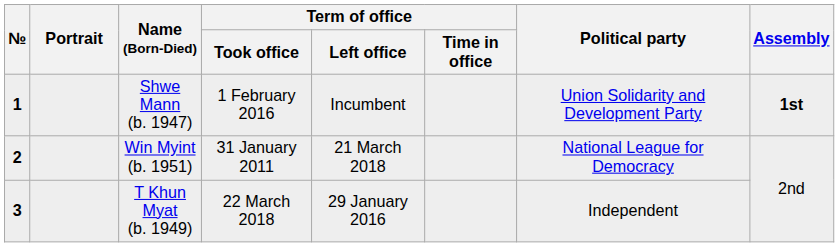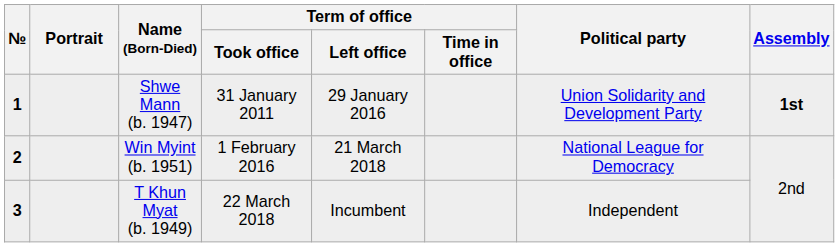 <table class="wikitable" style="text-align:center; width:65%; border:1px #AAAAFF solid">
 <tr>
 <th rowspan=2>№</th>
 <th width=80 rowspan=2>Portrait</th>
 <th rowspan=2>Name<br><small>(Born-Died)</small></th>
 <th colspan=3>Term of office</th>
 <th rowspan=2>Political party</th>
 <th rowspan=2><a href='#'>Assembly</a></th>
 </tr>
 <tr>
 <th>Took office</th>
 <th>Left office</th>
 <th>Time in office</th>
 </tr>
 <tr style="background:#EEEEEE">
 <td style="background:"><strong>1</strong></td>
 <td></td>
 <td><a href='#'>Shwe Mann</a> <br> (b. 1947)</td>
-<td>1 February 2016</td>
-<td>Incumbent</td>
+<td>31 January 2011</td>
+<td>29 January 2016</td>
 <td></td>
 <td><a href='#'>Union Solidarity and Development Party</a></td>
 <td><strong>1st</strong></td>
 </tr>
 <tr style="background:#EEEEEE">
 <td style="background:"><strong>2</strong></td>
 <td></td>
 <td><a href='#'>Win Myint</a> <br> (b. 1951)</td>
-<td>31 January 2011</td>
+<td>1 February 2016</td>
 <td>21 March 2018</td>
 <td></td>
 <td><a href='#'>National League for Democracy</a></td>
 <td rowspan="2">2nd</td>
 </tr>
 <tr style="background:#EEEEEE">
 <td style="background:; colour:white"><strong>3</strong></td>
 <td></td>
 <td><a href='#'>T Khun Myat</a> <br> (b. 1949)</td>
 <td>22 March 2018</td>
-<td>29 January 2016</td>
+<td>Incumbent</td>
 <td></td>
 <td>Independent</td>
 </tr>
 </table>
